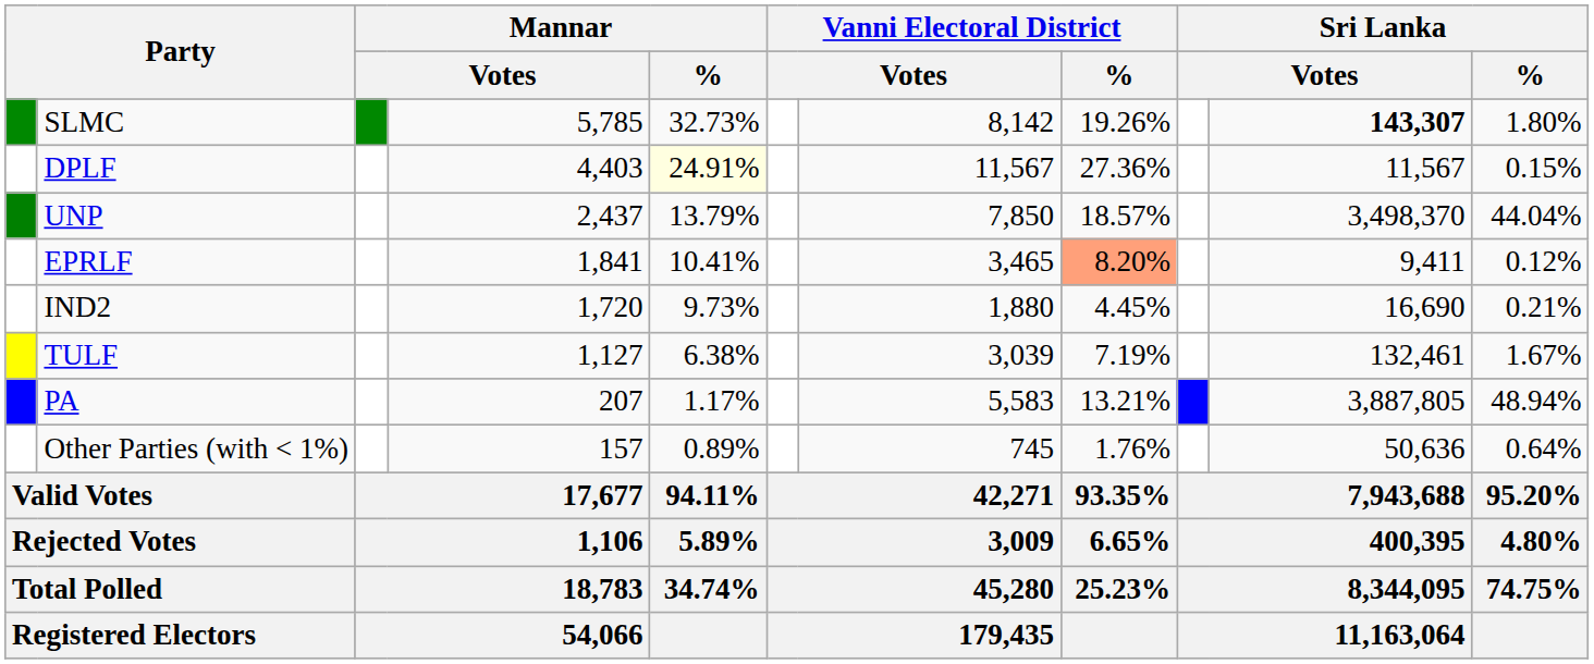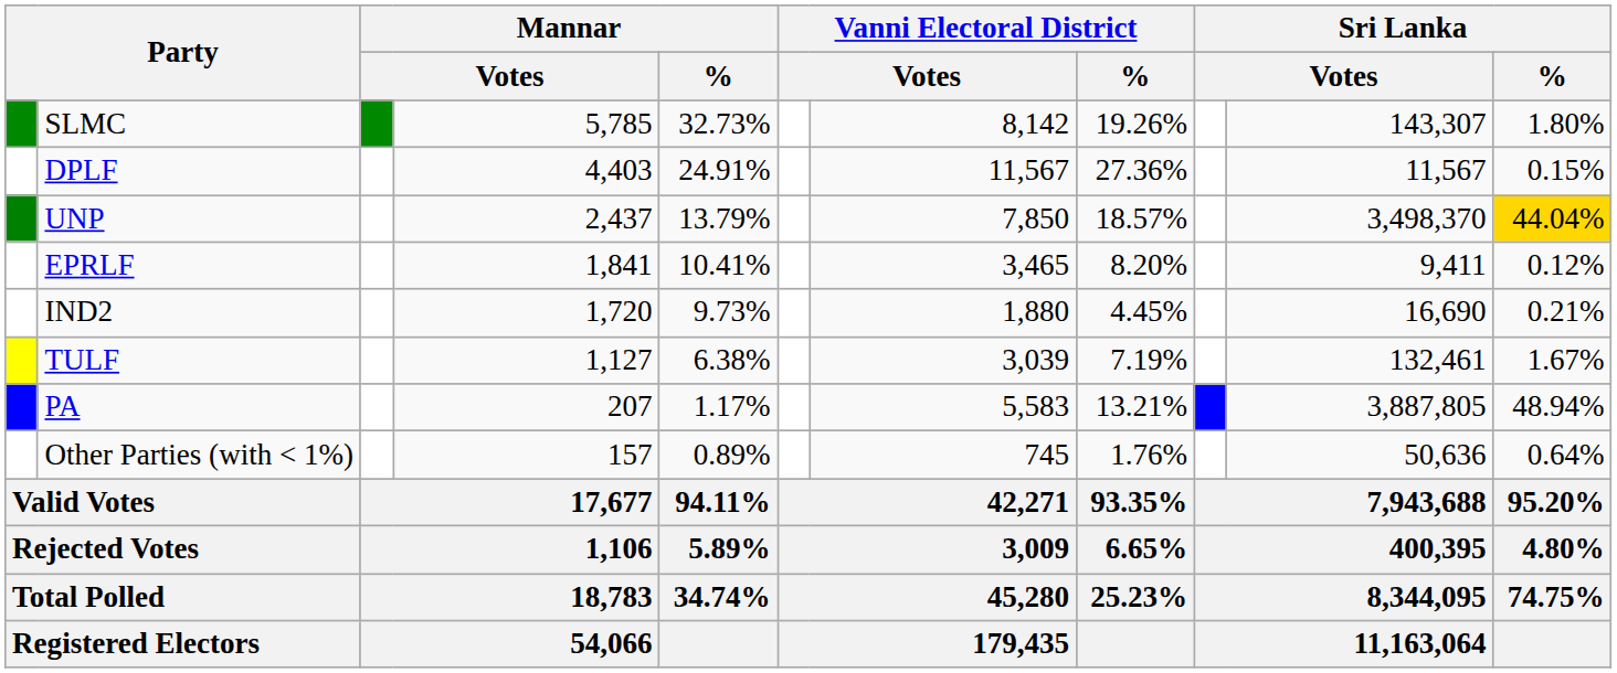 <table class="wikitable">
 <tr>
 <th colspan="2" width="144px"rowspan="2">Party</th>
 <th colspan="3" width="216px">Mannar</th>
 <th colspan="3" width="216px"><a href='#'>Vanni Electoral District</a></th>
 <th colspan="3" width="216px">Sri Lanka</th>
 </tr>
 <tr>
 <th colspan="2" width="144px">Votes</th>
 <th>%</th>
 <th colspan="2" width="144px">Votes</th>
 <th>%</th>
 <th colspan="2" width="144px">Votes</th>
 <th>%</th>
 </tr>
 <tr>
 <td style="background-color:#008800;" width="10px"></td>
 <td style="text-align:left;">SLMC</td>
 <td style="background-color:#008800;" width="10px"></td>
 <td style="text-align:right;">5,785</td>
 <td style="text-align:right;">32.73%</td>
 <td style="background-color:white;" width="10px"></td>
 <td style="text-align:right;">8,142</td>
 <td style="text-align:right;">19.26%</td>
 <td style="background-color:white;" width="10px"></td>
-<td style="text-align:right;"><strong>143,307</strong></td>
+<td style="text-align:right;">143,307</td>
 <td style="text-align:right;">1.80%</td>
 </tr>
 <tr>
 <td style="background-color:white;" width="10px"></td>
 <td style="text-align:left;"><a href='#'>DPLF</a></td>
 <td style="background-color:white;" width="10px"></td>
 <td style="text-align:right;">4,403</td>
-<td style="background: lightyellow; text-align:right;">24.91%</td>
+<td style="text-align:right;">24.91%</td>
 <td style="background-color:white;" width="10px"></td>
 <td style="text-align:right;">11,567</td>
 <td style="text-align:right;">27.36%</td>
 <td style="background-color:white;" width="10px"></td>
 <td style="text-align:right;">11,567</td>
 <td style="text-align:right;">0.15%</td>
 </tr>
 <tr>
 <td style="background-color:green;" width="10px"></td>
 <td style="text-align:left;"><a href='#'>UNP</a></td>
 <td style="background-color:white;" width="10px"></td>
 <td style="text-align:right;">2,437</td>
 <td style="text-align:right;">13.79%</td>
 <td style="background-color:white;" width="10px"></td>
 <td style="text-align:right;">7,850</td>
 <td style="text-align:right;">18.57%</td>
 <td style="background-color:white;" width="10px"></td>
 <td style="text-align:right;">3,498,370</td>
-<td style="text-align:right;">44.04%</td>
+<td style="background: gold; text-align:right;">44.04%</td>
 </tr>
 <tr>
 <td style="background-color:white;" width="10px"></td>
 <td style="text-align:left;"><a href='#'>EPRLF</a></td>
 <td style="background-color:white;" width="10px"></td>
 <td style="text-align:right;">1,841</td>
 <td style="text-align:right;">10.41%</td>
 <td style="background-color:white;" width="10px"></td>
 <td style="text-align:right;">3,465</td>
-<td style="background: lightsalmon; text-align:right;">8.20%</td>
+<td style="text-align:right;">8.20%</td>
 <td style="background-color:white;" width="10px"></td>
 <td style="text-align:right;">9,411</td>
 <td style="text-align:right;">0.12%</td>
 </tr>
 <tr>
 <td style="background-color:white;" width="10px"></td>
 <td style="text-align:left;">IND2</td>
 <td style="background-color:white;" width="10px"></td>
 <td style="text-align:right;">1,720</td>
 <td style="text-align:right;">9.73%</td>
 <td style="background-color:white;" width="10px"></td>
 <td style="text-align:right;">1,880</td>
 <td style="text-align:right;">4.45%</td>
 <td style="background-color:white;" width="10px"></td>
 <td style="text-align:right;">16,690</td>
 <td style="text-align:right;">0.21%</td>
 </tr>
 <tr>
 <td style="background-color:yellow;" width="10px"></td>
 <td style="text-align:left;"><a href='#'>TULF</a></td>
 <td style="background-color:white;" width="10px"></td>
 <td style="text-align:right;">1,127</td>
 <td style="text-align:right;">6.38%</td>
 <td style="background-color:white;" width="10px"></td>
 <td style="text-align:right;">3,039</td>
 <td style="text-align:right;">7.19%</td>
 <td style="background-color:white;" width="10px"></td>
 <td style="text-align:right;">132,461</td>
 <td style="text-align:right;">1.67%</td>
 </tr>
 <tr>
 <td style="background-color:blue;" width="10px"></td>
 <td style="text-align:left;"><a href='#'>PA</a></td>
 <td style="background-color:white;" width="10px"></td>
 <td style="text-align:right;">207</td>
 <td style="text-align:right;">1.17%</td>
 <td style="background-color:white;" width="10px"></td>
 <td style="text-align:right;">5,583</td>
 <td style="text-align:right;">13.21%</td>
 <td style="background-color:blue;" width="10px"></td>
 <td style="text-align:right;">3,887,805</td>
 <td style="text-align:right;">48.94%</td>
 </tr>
 <tr>
 <td style="background-color:white;" width="10px"></td>
 <td style="text-align:left;">Other Parties (with < 1%)</td>
 <td style="background-color:white;" width="10px"></td>
 <td style="text-align:right;">157</td>
 <td style="text-align:right;">0.89%</td>
 <td style="background-color:white;" width="10px"></td>
 <td style="text-align:right;">745</td>
 <td style="text-align:right;">1.76%</td>
 <td style="background-color:white;" width="10px"></td>
 <td style="text-align:right;">50,636</td>
 <td style="text-align:right;">0.64%</td>
 </tr>
 <tr>
 <th colspan="2" width="144px"style="text-align:left;">Valid Votes</th>
 <th style="text-align:right;"colspan="2" width="144px">17,677</th>
 <th style="text-align:right;">94.11%</th>
 <th style="text-align:right;"colspan="2" width="144px">42,271</th>
 <th style="text-align:right;">93.35%</th>
 <th style="text-align:right;"colspan="2" width="144px">7,943,688</th>
 <th style="text-align:right;">95.20%</th>
 </tr>
 <tr>
 <th colspan="2" width="144px"style="text-align:left;">Rejected Votes</th>
 <th style="text-align:right;"colspan="2" width="144px">1,106</th>
 <th style="text-align:right;">5.89%</th>
 <th style="text-align:right;"colspan="2" width="144px">3,009</th>
 <th style="text-align:right;">6.65%</th>
 <th style="text-align:right;"colspan="2" width="144px">400,395</th>
 <th style="text-align:right;">4.80%</th>
 </tr>
 <tr>
 <th colspan="2" width="144px"style="text-align:left;">Total Polled</th>
 <th style="text-align:right;"colspan="2" width="144px">18,783</th>
 <th style="text-align:right;">34.74%</th>
 <th style="text-align:right;"colspan="2" width="144px">45,280</th>
 <th style="text-align:right;">25.23%</th>
 <th style="text-align:right;"colspan="2" width="144px">8,344,095</th>
 <th style="text-align:right;">74.75%</th>
 </tr>
 <tr>
 <th colspan="2" width="144px"style="text-align:left;">Registered Electors</th>
 <th style="text-align:right;"colspan="2" width="144px">54,066</th>
 <th></th>
 <th style="text-align:right;"colspan="2" width="144px">179,435</th>
 <th></th>
 <th style="text-align:right;"colspan="2" width="144px">11,163,064</th>
 <th></th>
 </tr>
 </table>
